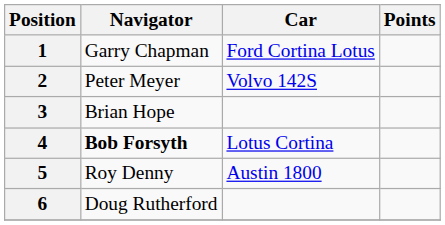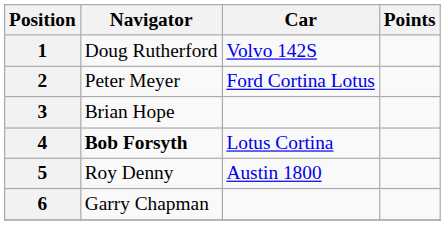 <table class="wikitable" border="1">
 <tr>
 <th>Position</th>
 <th>Navigator</th>
 <th>Car</th>
 <th>Points</th>
 </tr>
 <tr>
 <th>1</th>
-<td>Garry Chapman</td>
-<td><a href='#'>Ford Cortina Lotus</a></td>
+<td>Doug Rutherford</td>
+<td><a href='#'>Volvo 142S</a></td>
 <td align="center"></td>
 </tr>
 <tr>
 <th>2</th>
 <td>Peter Meyer</td>
-<td><a href='#'>Volvo 142S</a></td>
+<td><a href='#'>Ford Cortina Lotus</a></td>
 <td align="center"></td>
 </tr>
 <tr>
 <th>3</th>
 <td>Brian Hope</td>
 <td></td>
 <td align="center"></td>
 </tr>
 <tr>
 <th>4</th>
 <td><strong>Bob Forsyth</strong></td>
 <td><a href='#'>Lotus Cortina</a></td>
 <td align="center"></td>
 </tr>
 <tr>
 <th>5</th>
 <td>Roy Denny</td>
 <td><a href='#'>Austin 1800</a></td>
 <td align="center"></td>
 </tr>
 <tr>
 <th>6</th>
-<td>Doug Rutherford</td>
+<td>Garry Chapman</td>
 <td></td>
 <td align="center"></td>
 </tr>
 <tr>
 </tr>
 </table>
